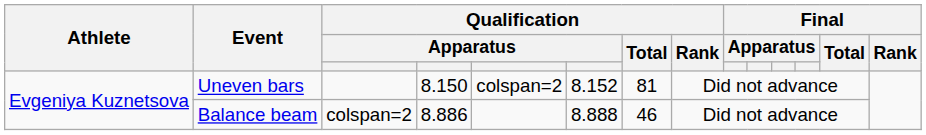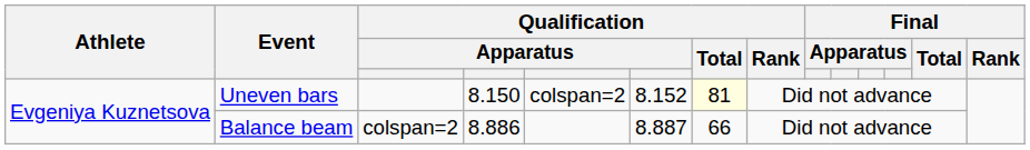 <table class="wikitable" style="font-size:90%">
 <tr>
 <th rowspan="3">Athlete</th>
 <th rowspan="3">Event</th>
 <th colspan=6>Qualification</th>
 <th colspan=6>Final</th>
 </tr>
 <tr style="font-size:95%">
 <th colspan=4>Apparatus</th>
 <th rowspan=2>Total</th>
 <th rowspan=2>Rank</th>
 <th colspan=4>Apparatus</th>
 <th rowspan=2>Total</th>
 <th rowspan=2>Rank</th>
 </tr>
 <tr style="font-size:95%">
 <th></th>
 <th></th>
 <th></th>
 <th></th>
 <th></th>
 <th></th>
 <th></th>
 <th></th>
 </tr>
 <tr align=center>
 <td align=left rowspan=2><a href='#'>Evgeniya Kuznetsova</a></td>
 <td align=left><a href='#'>Uneven bars</a></td>
 <td></td>
 <td>8.150</td>
 <td>colspan=2 </td>
 <td>8.152</td>
-<td>81</td>
+<td style="background: lightyellow;">81</td>
 <td colspan=6>Did not advance</td>
 </tr>
 <tr align=center>
 <td align=left><a href='#'>Balance beam</a></td>
 <td>colspan=2 </td>
 <td>8.886</td>
 <td></td>
-<td>8.888</td>
-<td>46</td>
+<td>8.887</td>
+<td>66</td>
 <td colspan=6>Did not advance</td>
 </tr>
 </table>
